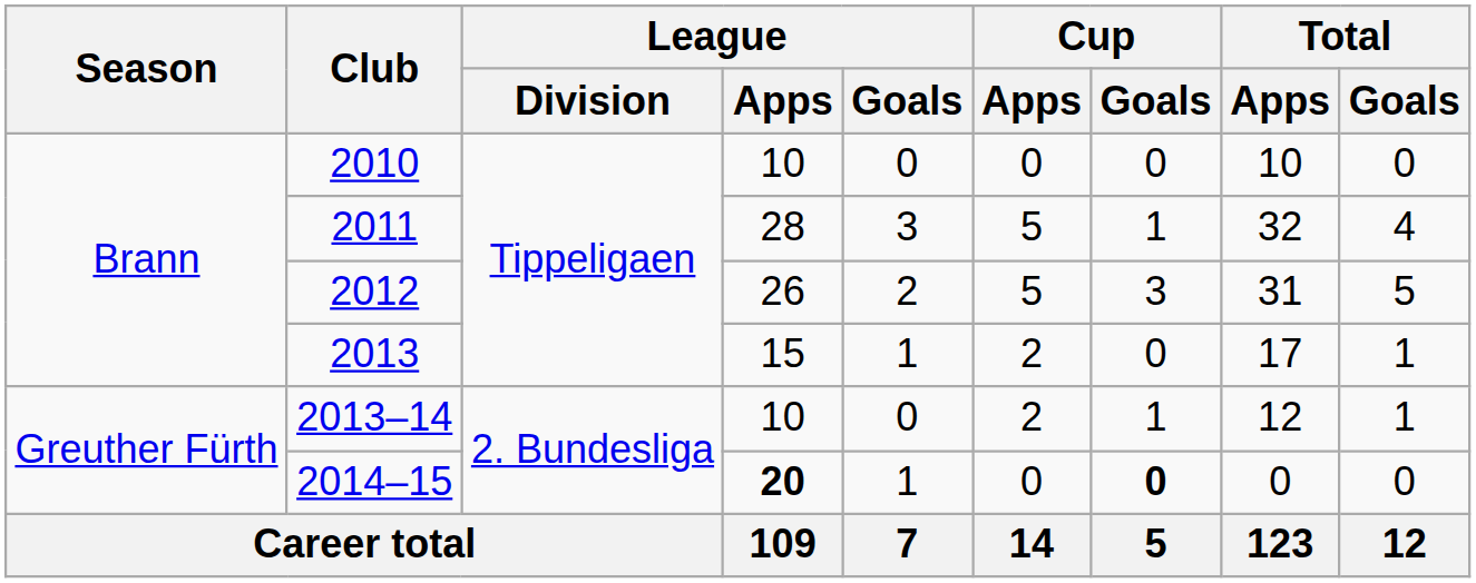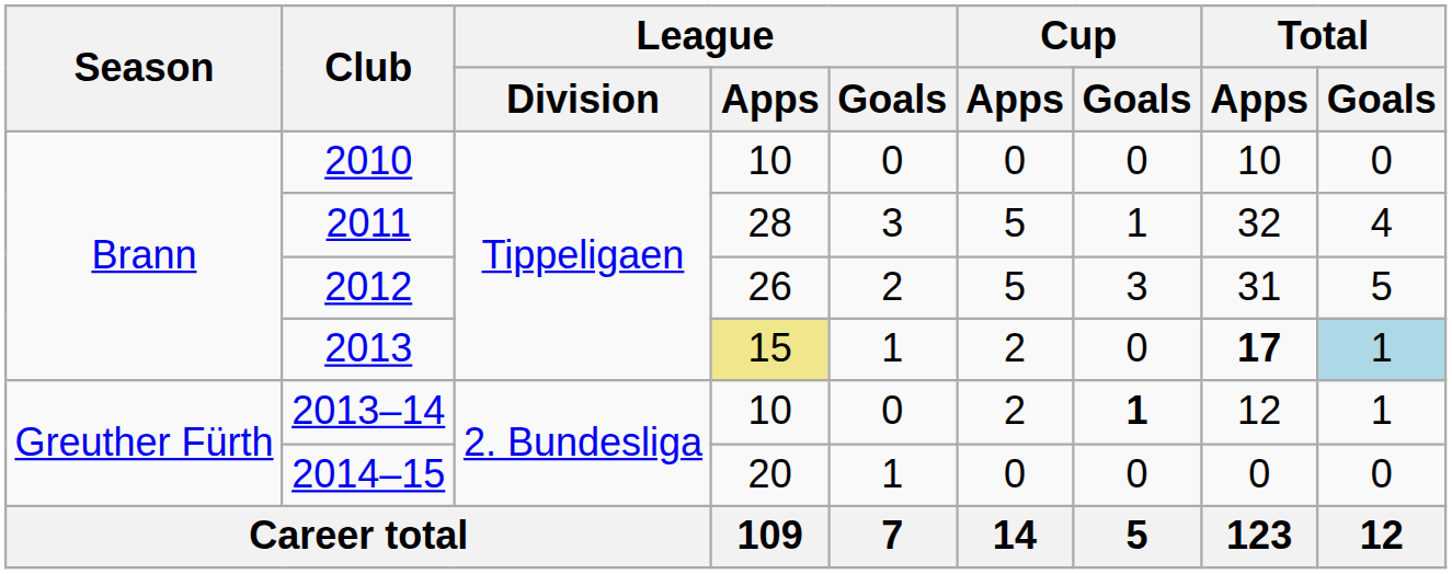 <table class="wikitable" style="text-align:center">
 <tr>
 <th rowspan="2">Season</th>
 <th rowspan="2">Club</th>
 <th colspan="3">League</th>
 <th colspan="2">Cup</th>
 <th colspan="2">Total</th>
 </tr>
 <tr>
 <th>Division</th>
 <th>Apps</th>
 <th>Goals</th>
 <th>Apps</th>
 <th>Goals</th>
 <th>Apps</th>
 <th>Goals</th>
 </tr>
 <tr>
 <td rowspan="4"><a href='#'>Brann</a></td>
 <td><a href='#'>2010</a></td>
 <td rowspan="4"><a href='#'>Tippeligaen</a></td>
 <td>10</td>
 <td>0</td>
 <td>0</td>
 <td>0</td>
 <td>10</td>
 <td>0</td>
 </tr>
 <tr>
 <td><a href='#'>2011</a></td>
 <td>28</td>
 <td>3</td>
 <td>5</td>
 <td>1</td>
 <td>32</td>
 <td>4</td>
 </tr>
 <tr>
 <td><a href='#'>2012</a></td>
 <td>26</td>
 <td>2</td>
 <td>5</td>
 <td>3</td>
 <td>31</td>
 <td>5</td>
 </tr>
 <tr>
 <td><a href='#'>2013</a></td>
-<td>15</td>
+<td style="background: khaki;">15</td>
 <td>1</td>
 <td>2</td>
 <td>0</td>
-<td>17</td>
-<td>1</td>
+<td><strong>17</strong></td>
+<td style="background: lightblue;">1</td>
 </tr>
 <tr>
 <td rowspan="2"><a href='#'>Greuther Fürth</a></td>
 <td><a href='#'>2013–14</a></td>
 <td rowspan="2"><a href='#'>2. Bundesliga</a></td>
 <td>10</td>
 <td>0</td>
 <td>2</td>
-<td>1</td>
+<td><strong>1</strong></td>
 <td>12</td>
 <td>1</td>
 </tr>
 <tr>
 <td><a href='#'>2014–15</a></td>
-<td><strong>20</strong></td>
+<td>20</td>
 <td>1</td>
 <td>0</td>
-<td><strong>0</strong></td>
+<td>0</td>
 <td>0</td>
 <td>0</td>
 </tr>
 <tr>
 <th colspan="3">Career total</th>
 <th>109</th>
 <th>7</th>
 <th>14</th>
 <th>5</th>
 <th>123</th>
 <th>12</th>
 </tr>
 </table>
